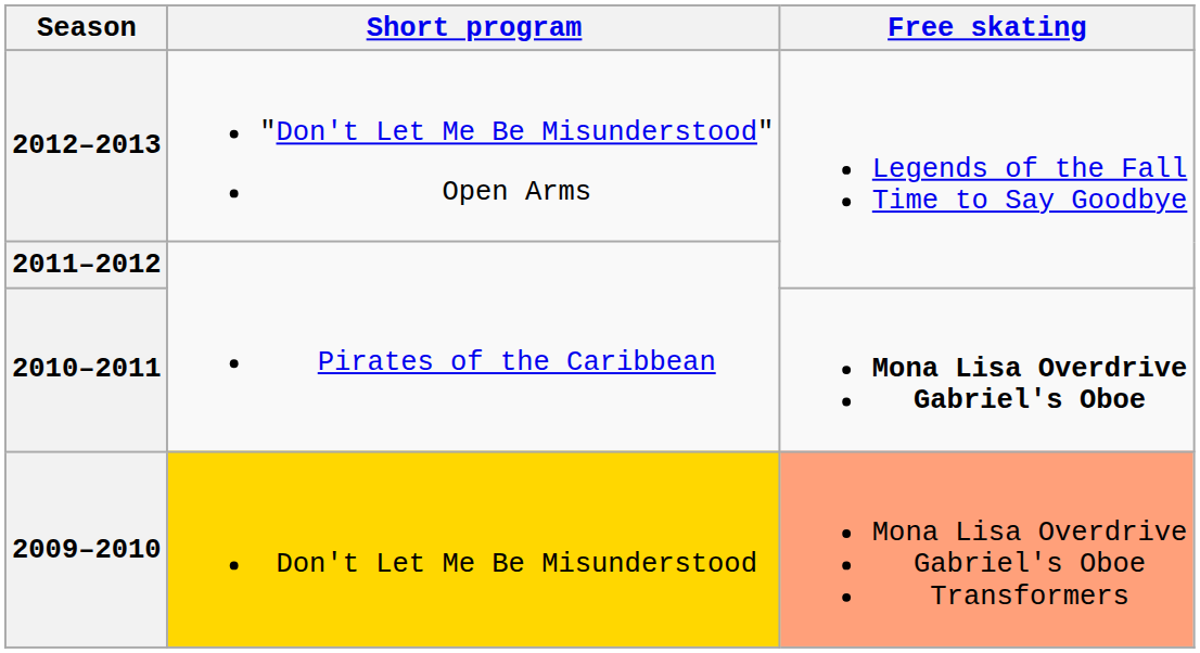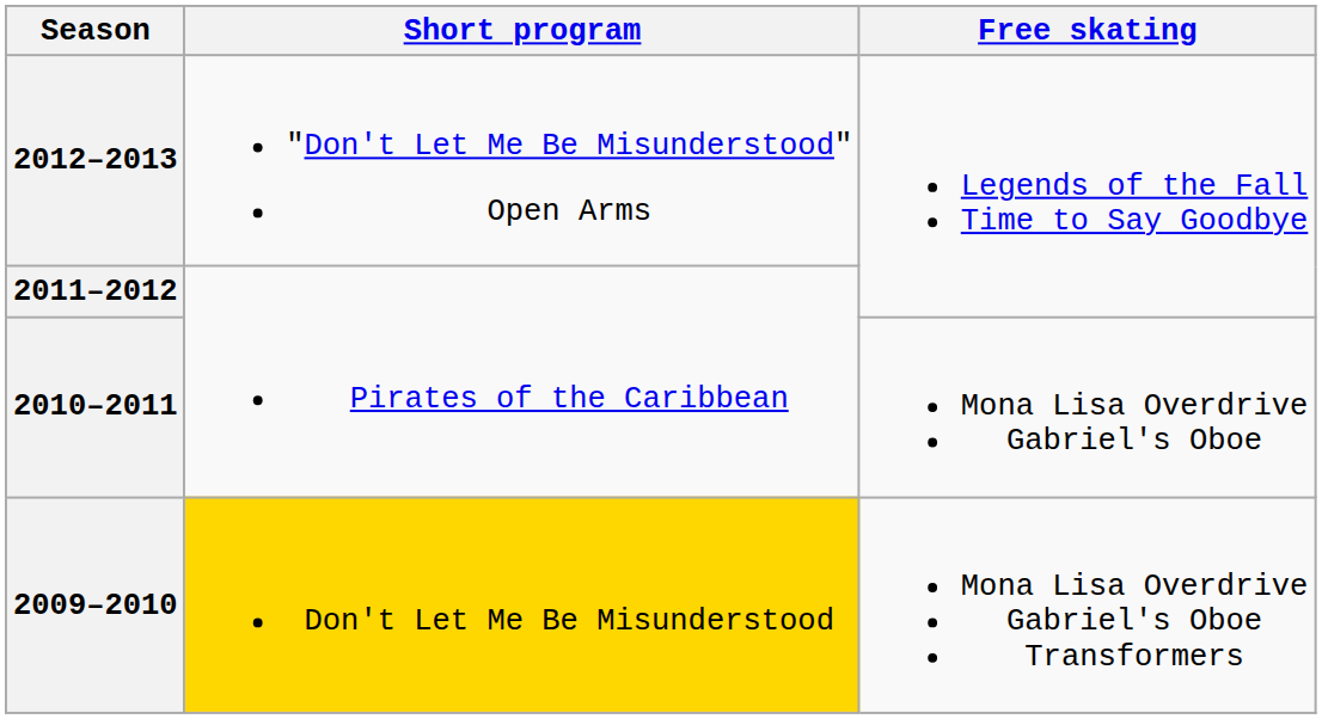 <table class="wikitable"  style="text-align:center">
 <tr>
 <th>Season</th>
 <th><a href='#'>Short program</a></th>
 <th><a href='#'>Free skating</a></th>
 </tr>
 <tr>
 <th>2012–2013 <br> </th>
 <td><br><ul><li>"<a href='#'>Don't Let Me Be Misunderstood</a>" <br></li></ul><ul><li>Open Arms</li></ul></td>
 <td rowspan=2><br><ul><li><a href='#'>Legends of the Fall</a> <br></li><li><a href='#'>Time to Say Goodbye</a> <br></li></ul></td>
 </tr>
 <tr>
 <th>2011–2012 <br> </th>
 <td rowspan=2><br><ul><li><a href='#'>Pirates of the Caribbean</a> <br></li></ul></td>
 </tr>
 <tr>
 <th>2010–2011 <br></th>
-<td><strong><br><ul><li>Mona Lisa Overdrive <br></li><li>Gabriel's Oboe <br></li></ul></strong></td>
+<td><br><ul><li>Mona Lisa Overdrive <br></li><li>Gabriel's Oboe <br></li></ul></td>
 </tr>
 <tr>
 <th>2009–2010 <br></th>
 <td style="background: gold;"><br><ul><li>Don't Let Me Be Misunderstood <br></li></ul></td>
-<td style="background: lightsalmon;"><br><ul><li>Mona Lisa Overdrive <br></li><li>Gabriel's Oboe <br></li><li>Transformers <br></li></ul></td>
+<td><br><ul><li>Mona Lisa Overdrive <br></li><li>Gabriel's Oboe <br></li><li>Transformers <br></li></ul></td>
 </tr>
 </table>
